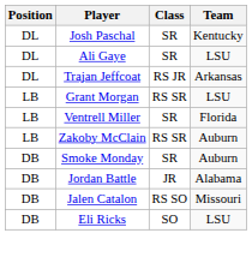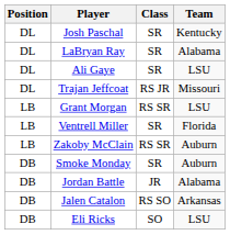 <table class="wikitable sortable">
 <tr>
 <th>Position</th>
 <th>Player</th>
 <th>Class</th>
 <th>Team</th>
 </tr>
 <tr style="text-align:center;">
 <td style="background:white">DL</td>
 <td style="background:white"><a href='#'>Josh Paschal</a></td>
 <td style="background:white">SR</td>
 <td>Kentucky</td>
 </tr>
 <tr style="text-align:center;">
 <td style="background:white">DL</td>
+<td style="background:white"><a href='#'>LaBryan Ray</a></td>
+<td style="background:white">SR</td>
+<td>Alabama</td>
+</tr>
+<tr style="text-align:center;">
+<td style="background:white">DL</td>
 <td style="background:white"><a href='#'>Ali Gaye</a></td>
 <td style="background:white">SR</td>
 <td>LSU</td>
 </tr>
 <tr style="text-align:center;">
 <td style="background:white">DL</td>
 <td style="background:white"><a href='#'>Trajan Jeffcoat</a></td>
 <td style="background:white">RS JR</td>
-<td>Arkansas</td>
+<td>Missouri</td>
 </tr>
 <tr style="text-align:center;">
 <td style="background:white">LB</td>
 <td style="background:white"><a href='#'>Grant Morgan</a></td>
 <td style="background:white">RS SR</td>
 <td>LSU</td>
 </tr>
 <tr style="text-align:center;">
 <td style="background:white">LB</td>
 <td style="background:white"><a href='#'>Ventrell Miller</a></td>
 <td style="background:white">SR</td>
 <td>Florida</td>
 </tr>
 <tr style="text-align:center;">
 <td style="background:white">LB</td>
 <td style="background:white"><a href='#'>Zakoby McClain</a></td>
 <td style="background:white">RS SR</td>
 <td>Auburn</td>
 </tr>
 <tr style="text-align:center;">
 <td style="background:white">DB</td>
 <td style="background:white"><a href='#'>Smoke Monday</a></td>
 <td style="background:white">SR</td>
 <td>Auburn</td>
 </tr>
 <tr style="text-align:center;">
 <td style="background:white">DB</td>
 <td style="background:white"><a href='#'>Jordan Battle</a></td>
 <td style="background:white">JR</td>
 <td>Alabama</td>
 </tr>
 <tr style="text-align:center;">
 <td style="background:white">DB</td>
 <td style="background:white"><a href='#'>Jalen Catalon</a></td>
 <td style="background:white">RS SO</td>
-<td>Missouri</td>
+<td>Arkansas</td>
 </tr>
 <tr style="text-align:center;">
 <td style="background:white">DB</td>
 <td style="background:white"><a href='#'>Eli Ricks</a></td>
 <td style="background:white">SO</td>
 <td>LSU</td>
 </tr>
 </table>
